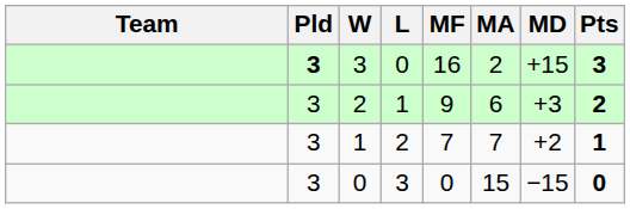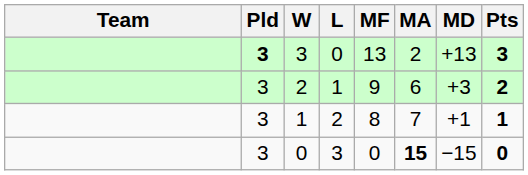 <table class="wikitable" style="text-align:center">
 <tr>
 <th width="175">Team</th>
 <th width="20">Pld</th>
 <th width="20">W</th>
 <th width="20">L</th>
 <th width="20">MF</th>
 <th width="20">MA</th>
 <th width="20">MD</th>
 <th width="20">Pts</th>
 </tr>
 <tr bgcolor="ccffcc">
 <td align="left"></td>
 <td><strong>3</strong></td>
 <td>3</td>
 <td>0</td>
-<td>16</td>
+<td>13</td>
 <td>2</td>
-<td>+15</td>
+<td>+13</td>
 <td><strong>3</strong></td>
 </tr>
 <tr bgcolor="ccffcc">
 <td align="left"></td>
 <td>3</td>
 <td>2</td>
 <td>1</td>
 <td>9</td>
 <td>6</td>
 <td>+3</td>
 <td><strong>2</strong></td>
 </tr>
 <tr>
 <td align="left"></td>
 <td>3</td>
 <td>1</td>
 <td>2</td>
+<td>8</td>
 <td>7</td>
-<td>7</td>
-<td>+2</td>
+<td>+1</td>
 <td><strong>1</strong></td>
 </tr>
 <tr>
 <td align="left"></td>
 <td>3</td>
 <td>0</td>
 <td>3</td>
 <td>0</td>
-<td>15</td>
+<td><strong>15</strong></td>
 <td>−15</td>
 <td><strong>0</strong></td>
 </tr>
 </table>
